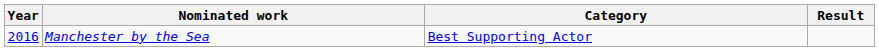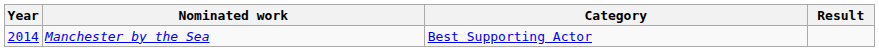 <table class="wikitable">
 <tr>
 <th scope="col" style="width:1em;">Year</th>
 <th scope="col" style="width:35em;">Nominated work</th>
 <th scope="col" style="width:35em;">Category</th>
 <th scope="col" style="width:5em;">Result</th>
 </tr>
 <tr>
-<td><a href='#'>2016</a></td>
+<td><a href='#'>2014</a></td>
 <td><em><a href='#'>Manchester by the Sea</a></em></td>
 <td><a href='#'>Best Supporting Actor</a></td>
 <td></td>
 </tr>
 </table>
